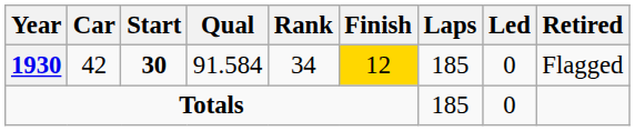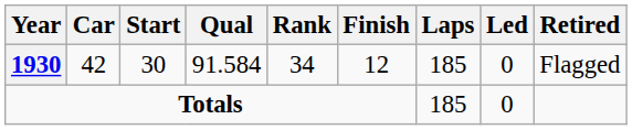 <table class="wikitable" style="text-align:center">
 <tr>
 <th>Year</th>
 <th>Car</th>
 <th>Start</th>
 <th>Qual</th>
 <th>Rank</th>
 <th>Finish</th>
 <th>Laps</th>
 <th>Led</th>
 <th>Retired</th>
 </tr>
 <tr>
 <th><a href='#'>1930</a></th>
 <td>42</td>
-<td><strong>30</strong></td>
+<td>30</td>
 <td>91.584</td>
 <td>34</td>
-<td style="background: gold;">12</td>
+<td>12</td>
 <td>185</td>
 <td>0</td>
 <td>Flagged</td>
 </tr>
 <tr>
 <td colspan=6><strong>Totals</strong></td>
 <td>185</td>
 <td>0</td>
 <td></td>
 </tr>
 </table>
